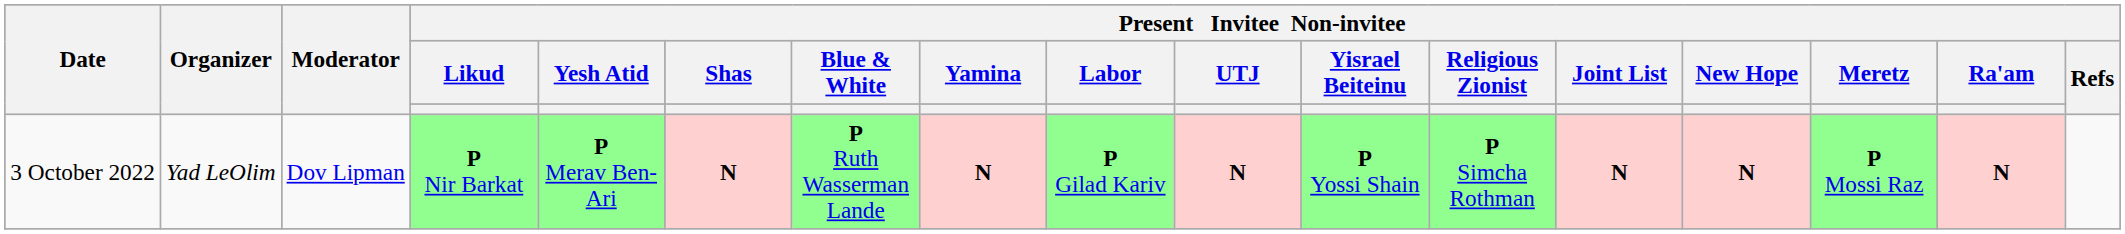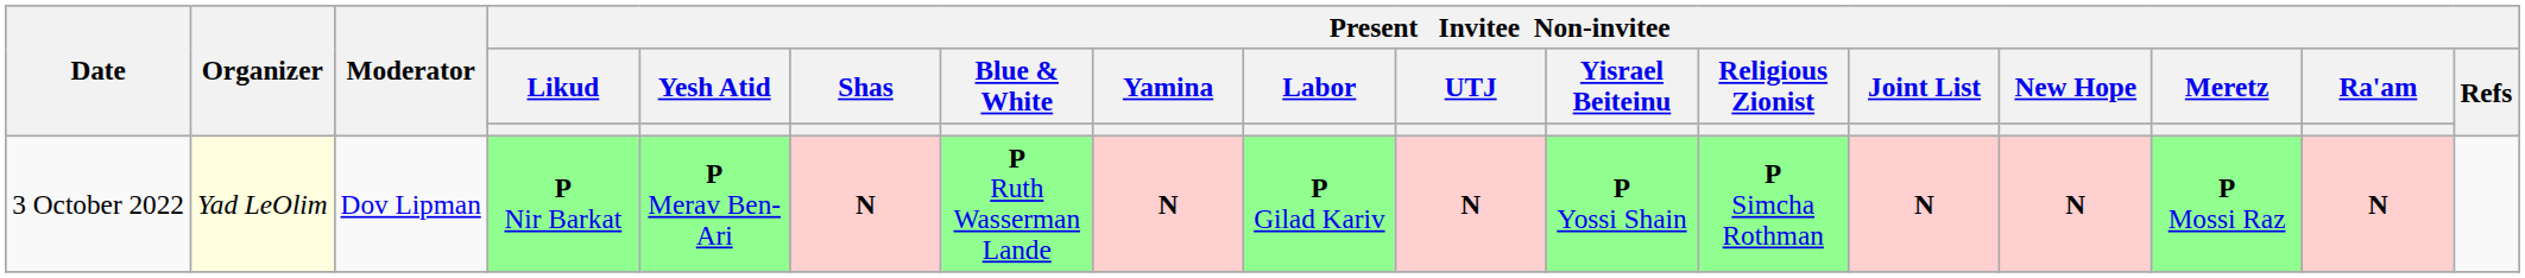 <table class="wikitable" style="font-size:85%; line-height:15px; text-align:center;">
 <tr>
 <th rowspan="3">Date</th>
 <th rowspan="3">Organizer</th>
 <th rowspan="3">Moderator</th>
 <th colspan="14"> Present    Invitee  Non-invitee </th>
 </tr>
 <tr>
 <th scope="col" style="width:5em;"><a href='#'>Likud</a></th>
 <th scope="col" style="width:5em;"><a href='#'>Yesh Atid</a></th>
 <th scope="col" style="width:5em;"><a href='#'>Shas</a></th>
 <th scope="col" style="width:5em;"><a href='#'>Blue & White</a></th>
 <th scope="col" style="width:5em;"><a href='#'>Yamina</a></th>
 <th scope="col" style="width:5em;"><a href='#'>Labor</a></th>
 <th scope="col" style="width:5em;"><a href='#'>UTJ</a></th>
 <th scope="col" style="width:5em;"><a href='#'>Yisrael Beiteinu</a></th>
 <th scope="col" style="width:5em;"><a href='#'>Religious Zionist</a></th>
 <th scope="col" style="width:5em;"><a href='#'>Joint List</a></th>
 <th scope="col" style="width:5em;"><a href='#'>New Hope</a></th>
 <th scope="col" style="width:5em;"><a href='#'>Meretz</a></th>
 <th scope="col" style="width:5em;"><a href='#'>Ra'am</a></th>
 <th rowspan="2">Refs</th>
 </tr>
 <tr>
 <th style="background:"></th>
 <th style="background:"></th>
 <th style="background:"></th>
 <th style="background:"></th>
 <th style="background:"></th>
 <th style="background:"></th>
 <th style="background:"></th>
 <th style="background:"></th>
 <th style="background:"></th>
 <th style="background:"></th>
 <th style="background:"></th>
 <th style="background:"></th>
 <th style="background:"></th>
 </tr>
 <tr>
 <td>3 October 2022</td>
-<td><em>Yad LeOlim</em></td>
+<td style="background: lightyellow;"><em>Yad LeOlim</em></td>
 <td><a href='#'>Dov Lipman</a></td>
 <td style="background:#90FF90"><strong>P</strong><br><a href='#'>Nir Barkat</a></td>
 <td style="background:#90FF90"><strong>P</strong><br><a href='#'>Merav Ben-Ari</a></td>
 <td style="background:#FFD0D0"><strong>N</strong></td>
 <td style="background:#90FF90"><strong>P</strong><br><a href='#'>Ruth Wasserman Lande</a></td>
 <td style="background:#FFD0D0"><strong>N</strong></td>
 <td style="background:#90FF90"><strong>P</strong><br><a href='#'>Gilad Kariv</a></td>
 <td style="background:#FFD0D0"><strong>N</strong></td>
 <td style="background:#90FF90"><strong>P</strong><br><a href='#'>Yossi Shain</a></td>
 <td style="background:#90FF90"><strong>P</strong><br><a href='#'>Simcha Rothman</a></td>
 <td style="background:#FFD0D0"><strong>N</strong></td>
 <td style="background:#FFD0D0"><strong>N</strong></td>
 <td style="background:#90FF90"><strong>P</strong><br><a href='#'>Mossi Raz</a></td>
 <td style="background:#FFD0D0"><strong>N</strong></td>
 <td></td>
 </tr>
 </table>
